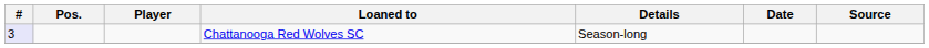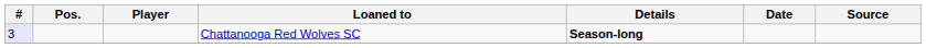 <table class="wikitable sortable" style="width:90%; text-align:center; font-size:95%; text-align:left;">
 <tr>
 <th>#</th>
 <th>Pos.</th>
 <th>Player</th>
 <th>Loaned to</th>
 <th>Details</th>
 <th>Date</th>
 <th>Source</th>
 </tr>
 <tr>
 <td style="background: lavender;">3</td>
 <td></td>
 <td></td>
 <td> <a href='#'>Chattanooga Red Wolves SC</a></td>
-<td>Season-long</td>
+<td><strong>Season-long</strong></td>
 <td></td>
 <td></td>
 </tr>
 <tr>
 </tr>
 </table>
